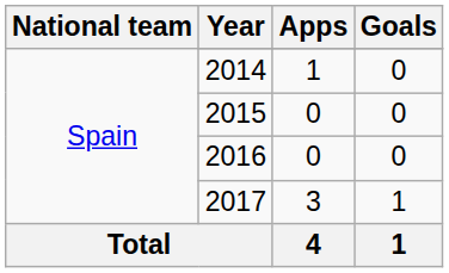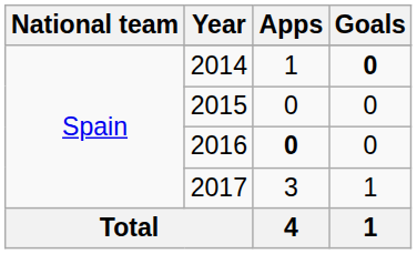 <table class=wikitable style=text-align:center>
 <tr>
 <th>National team</th>
 <th>Year</th>
 <th>Apps</th>
 <th>Goals</th>
 </tr>
 <tr>
 <td rowspan="5"><a href='#'>Spain</a></td>
 </tr>
 <tr>
 <td>2014</td>
 <td>1</td>
-<td>0</td>
+<td><strong>0</strong></td>
 </tr>
 <tr>
 <td>2015</td>
 <td>0</td>
 <td>0</td>
 </tr>
 <tr>
 <td>2016</td>
-<td>0</td>
+<td><strong>0</strong></td>
 <td>0</td>
 </tr>
 <tr>
 <td>2017</td>
 <td>3</td>
 <td>1</td>
 </tr>
 <tr>
 <th colspan=2>Total</th>
 <th>4</th>
 <th>1</th>
 </tr>
 </table>
